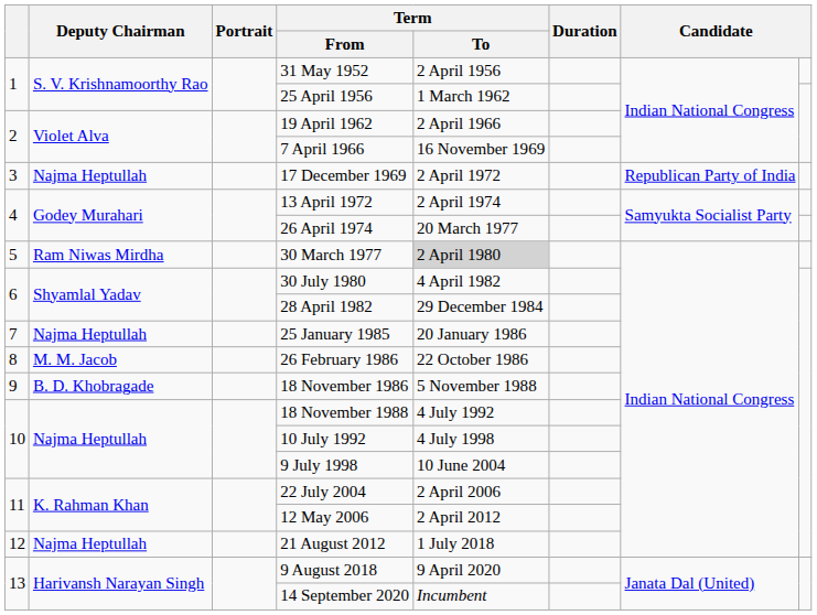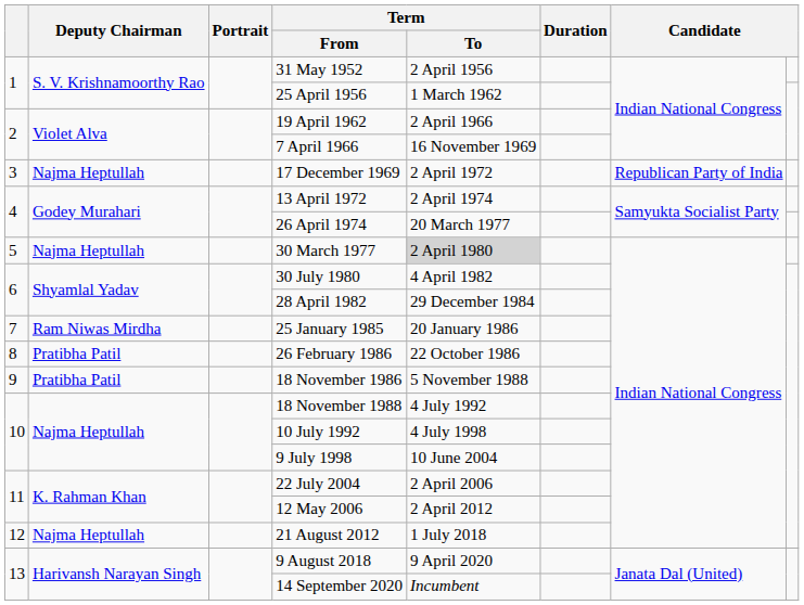 <table class="wikitable sortable" border="1">
 <tr>
 <th rowspan=2></th>
 <th rowspan=2>Deputy Chairman</th>
 <th rowspan=2>Portrait</th>
 <th colspan=2>Term</th>
 <th rowspan=2>Duration</th>
 <th rowspan=2 colspan=2>Candidate</th>
 </tr>
 <tr>
 <th>From</th>
 <th>To</th>
 </tr>
 <tr>
 <td rowspan=2>1</td>
 <td rowspan=2><a href='#'>S. V. Krishnamoorthy Rao</a></td>
 <td rowspan=2></td>
 <td>31 May 1952</td>
 <td>2 April 1956</td>
 <td><strong></strong></td>
 <td rowspan=4><a href='#'>Indian National Congress</a></td>
 <td width="4px"></td>
 </tr>
 <tr>
 <td>25 April 1956</td>
 <td>1 March 1962</td>
 <td><strong></strong></td>
 </tr>
 <tr>
 <td rowspan=2>2</td>
 <td rowspan=2><a href='#'>Violet Alva</a></td>
 <td rowspan=2></td>
 <td>19 April 1962</td>
 <td>2 April 1966</td>
 <td><strong></strong></td>
 </tr>
 <tr>
 <td>7 April 1966</td>
 <td>16 November 1969</td>
 <td><strong></strong></td>
 </tr>
 <tr>
 <td>3</td>
 <td><a href='#'>Najma Heptullah</a></td>
 <td></td>
 <td>17 December 1969</td>
 <td>2 April 1972</td>
 <td><strong></strong></td>
 <td><a href='#'>Republican Party of India</a></td>
 <td width="4px"></td>
 </tr>
 <tr>
 <td rowspan=2>4</td>
 <td rowspan=2><a href='#'>Godey Murahari</a></td>
 <td rowspan=2></td>
 <td>13 April 1972</td>
 <td>2 April 1974</td>
 <td><strong></strong></td>
 <td rowspan=2><a href='#'>Samyukta Socialist Party</a></td>
 <td width="4px"></td>
 </tr>
 <tr>
 <td>26 April 1974</td>
 <td>20 March 1977</td>
 <td><strong></strong></td>
 </tr>
 <tr>
 <td>5</td>
-<td><a href='#'>Ram Niwas Mirdha</a></td>
+<td><a href='#'>Najma Heptullah</a></td>
 <td></td>
 <td>30 March 1977</td>
 <td style="background: lightgrey;">2 April 1980</td>
 <td><strong></strong></td>
 <td rowspan=12><a href='#'>Indian National Congress</a></td>
 <td width="4px"></td>
 </tr>
 <tr>
 <td rowspan=2>6</td>
 <td rowspan=2><a href='#'>Shyamlal Yadav</a></td>
 <td rowspan=2></td>
 <td>30 July 1980</td>
 <td>4 April 1982</td>
 <td><strong></strong></td>
 </tr>
 <tr>
 <td>28 April 1982</td>
 <td>29 December 1984</td>
 <td><strong></strong></td>
 </tr>
 <tr>
 <td>7</td>
-<td><a href='#'>Najma Heptullah</a></td>
+<td><a href='#'>Ram Niwas Mirdha</a></td>
 <td></td>
 <td>25 January 1985</td>
 <td>20 January 1986</td>
 <td><strong></strong></td>
 </tr>
 <tr>
 <td>8</td>
-<td><a href='#'>M. M. Jacob</a></td>
+<td><a href='#'>Pratibha Patil</a></td>
 <td></td>
 <td>26 February 1986</td>
 <td>22 October 1986</td>
 <td><strong></strong></td>
 </tr>
 <tr>
 <td>9</td>
-<td><a href='#'>B. D. Khobragade</a></td>
+<td><a href='#'>Pratibha Patil</a></td>
 <td></td>
 <td>18 November 1986</td>
 <td>5 November 1988</td>
 <td><strong></strong></td>
 </tr>
 <tr>
 <td rowspan=3>10</td>
 <td rowspan=3><a href='#'>Najma Heptullah</a></td>
 <td rowspan=3></td>
 <td>18 November 1988</td>
 <td>4 July 1992</td>
 <td><strong></strong></td>
 </tr>
 <tr>
 <td>10 July 1992</td>
 <td>4 July 1998</td>
 <td><strong></strong></td>
 </tr>
 <tr>
 <td>9 July 1998</td>
 <td>10 June 2004</td>
 <td><strong></strong></td>
 </tr>
 <tr>
 <td rowspan=2>11</td>
 <td rowspan=2><a href='#'>K. Rahman Khan</a></td>
 <td rowspan=2></td>
 <td>22 July 2004</td>
 <td>2 April 2006</td>
 <td><strong></strong></td>
 </tr>
 <tr>
 <td>12 May 2006</td>
 <td>2 April 2012</td>
 <td><strong></strong></td>
 </tr>
 <tr>
 <td>12</td>
 <td><a href='#'>Najma Heptullah</a></td>
 <td></td>
 <td>21 August 2012</td>
 <td>1 July 2018</td>
 <td><strong></strong></td>
 </tr>
 <tr>
 <td rowspan="2">13</td>
 <td rowspan="2"><a href='#'>Harivansh Narayan Singh</a></td>
 <td rowspan="2"></td>
 <td>9 August 2018</td>
 <td>9 April 2020</td>
 <td><strong></strong></td>
 <td rowspan="2"><a href='#'>Janata Dal (United)</a></td>
 <td rowspan="2" width="4px"></td>
 </tr>
 <tr>
 <td>14 September 2020</td>
 <td><em>Incumbent</em></td>
 <td><strong></strong></td>
 </tr>
 </table>
